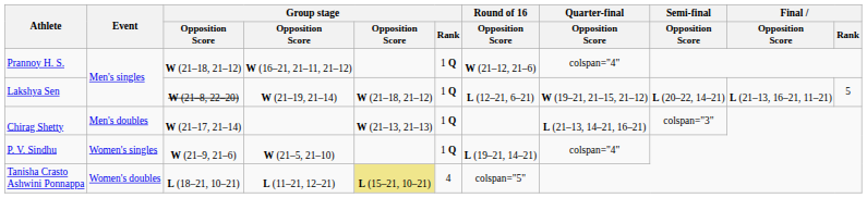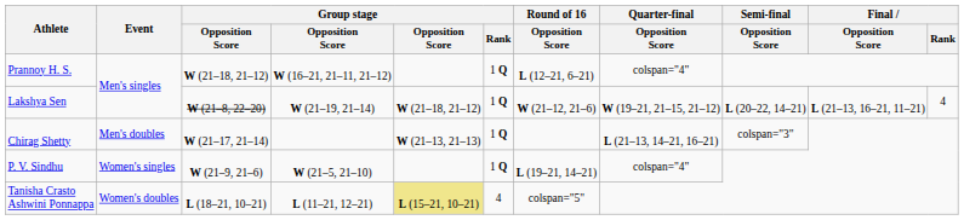 <table class="wikitable" style="font-size:90%">
 <tr>
 <th rowspan="2">Athlete</th>
 <th rowspan="2">Event</th>
 <th colspan="4">Group stage</th>
 <th>Round of 16</th>
 <th>Quarter-final</th>
 <th>Semi-final</th>
 <th colspan="2">Final / </th>
 </tr>
 <tr style="font-size:95%">
 <th>Opposition<br>Score</th>
 <th>Opposition<br>Score</th>
 <th>Opposition<br>Score</th>
 <th>Rank</th>
 <th>Opposition<br>Score</th>
 <th>Opposition<br>Score</th>
 <th>Opposition<br>Score</th>
 <th>Opposition<br>Score</th>
 <th>Rank</th>
 </tr>
 <tr align="center">
 <td align="left"><a href='#'>Prannoy H. S.</a></td>
 <td align="left" rowspan="2"><a href='#'>Men's singles</a></td>
 <td> <br> <strong>W</strong> (21–18, 21–12)</td>
 <td> <br> <strong>W</strong> (16–21, 21–11, 21–12)</td>
 <td></td>
 <td>1 <strong>Q</strong></td>
-<td> <br> <strong>W</strong> (21–12, 21–6)</td>
+<td> <br> <strong>L</strong> (12–21, 6–21)</td>
 <td>colspan="4" </td>
 </tr>
 <tr align="center">
 <td align="left"><a href='#'>Lakshya Sen</a></td>
 <td> <br> <s> <strong>W</strong> (21–8, 22–20)</s></td>
 <td> <br> <strong>W</strong> (21–19, 21–14)</td>
 <td> <br> <strong>W</strong> (21–18, 21–12)</td>
 <td>1 <strong>Q</strong></td>
-<td> <br> <strong>L</strong> (12–21, 6–21)</td>
+<td> <br> <strong>W</strong> (21–12, 21–6)</td>
 <td> <br> <strong>W</strong> (19–21, 21–15, 21–12)</td>
 <td> <br> <strong>L</strong> (20–22, 14–21)</td>
 <td> <br> <strong>L</strong> (21–13, 16–21, 11–21)</td>
-<td>5</td>
+<td>4</td>
 </tr>
 <tr align="center">
 <td align="left"> <br> <a href='#'>Chirag Shetty</a></td>
 <td align="left"><a href='#'>Men's doubles</a></td>
 <td> <br> <strong>W</strong> (21–17, 21–14)</td>
 <td><s></s></td>
 <td> <br> <strong>W</strong> (21–13, 21–13)</td>
 <td>1 <strong>Q</strong></td>
 <td></td>
 <td><br> <strong>L</strong> (21–13, 14–21, 16–21)</td>
 <td>colspan="3" </td>
 </tr>
 <tr align="center">
 <td align="left"><a href='#'>P. V. Sindhu</a></td>
 <td align="left"><a href='#'>Women's singles</a></td>
 <td> <br> <strong>W</strong> (21–9, 21–6)</td>
 <td> <br> <strong>W</strong> (21–5, 21–10)</td>
 <td></td>
 <td>1 <strong>Q</strong></td>
 <td> <br> <strong>L</strong> (19–21, 14–21)</td>
 <td>colspan="4" </td>
 </tr>
 <tr align="center">
 <td align="left"><a href='#'>Tanisha Crasto</a> <br> <a href='#'>Ashwini Ponnappa</a></td>
 <td align="left"><a href='#'>Women's doubles</a></td>
 <td> <br> <strong>L</strong> (18–21, 10–21)</td>
 <td> <br> <strong>L</strong> (11–21, 12–21)</td>
 <td style="background: khaki;"> <br> <strong>L</strong> (15–21, 10–21)</td>
 <td>4</td>
 <td>colspan="5" </td>
 </tr>
 </table>
